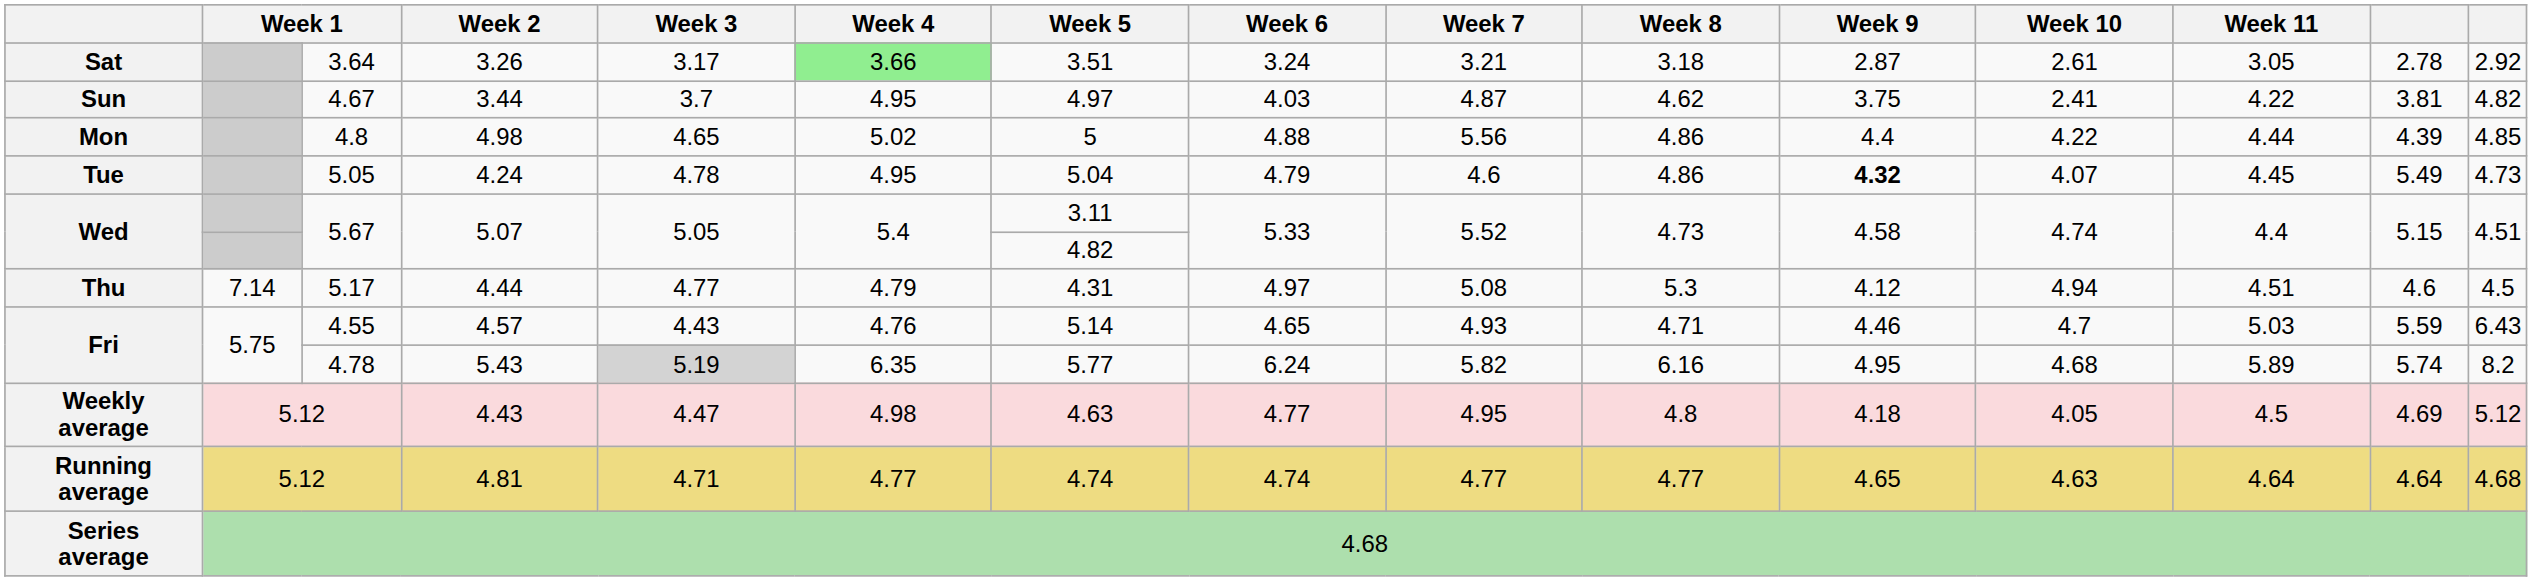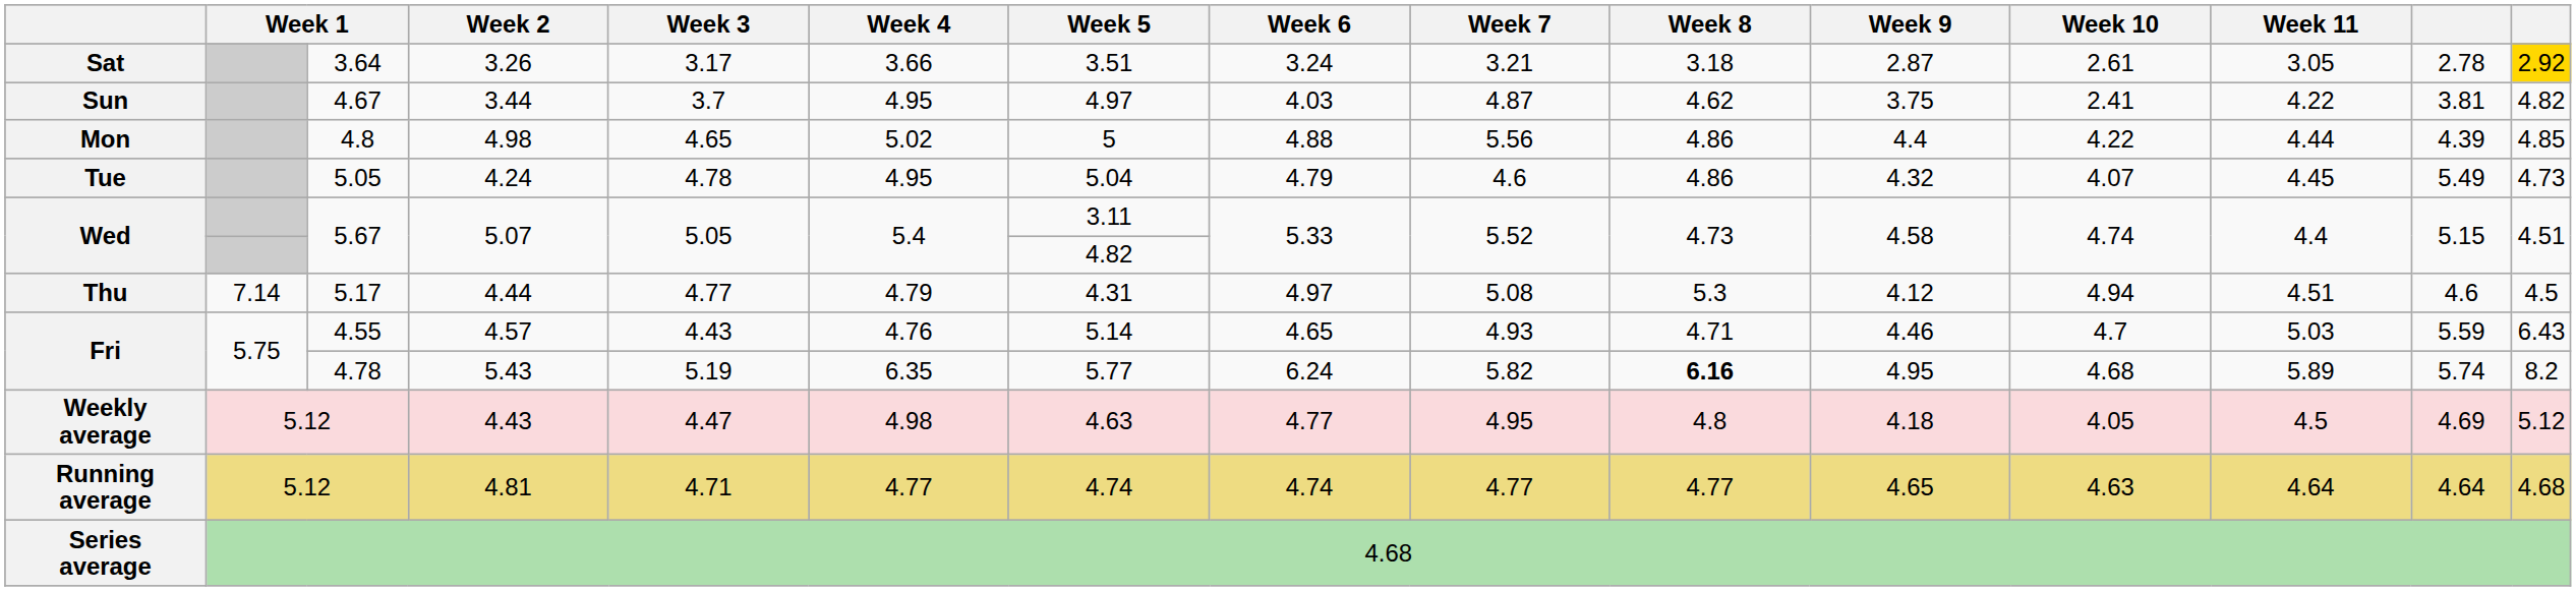 <table class="wikitable" style="font-size:90%; text-align:center; width: 96%; margin-left: auto; margin-right: auto;">
 <tr>
 <th scope="col" style="width:8%"></th>
 <th scope="colgroup" style="width:8%" colspan=2>Week 1</th>
 <th scope="col" style="width:8%">Week 2</th>
 <th scope="col" style="width:8%">Week 3</th>
 <th scope="col" style="width:8%">Week 4</th>
 <th scope="col" style="width:8%">Week 5</th>
 <th scope="col" style="width:8%">Week 6</th>
 <th scope="col" style="width:8%">Week 7</th>
 <th scope="col" style="width:8%">Week 8</th>
 <th scope="col" style="width:8%">Week 9</th>
 <th scope="col" style="width:8%">Week 10</th>
 <th scope="col" style="width:8%">Week 11</th>
 <th scope="col" style="width:8%"></th>
 <th scope="col" style="width:8%"></th>
 </tr>
 <tr>
 <th scope="row">Sat</th>
 <td style="background:#CCCCCC; text-align:center"></td>
 <td>3.64</td>
 <td>3.26</td>
 <td>3.17</td>
-<td style="background: lightgreen;">3.66</td>
+<td>3.66</td>
 <td>3.51</td>
 <td>3.24</td>
 <td>3.21</td>
 <td>3.18</td>
 <td>2.87</td>
 <td>2.61</td>
 <td>3.05</td>
 <td>2.78</td>
-<td>2.92</td>
+<td style="background: gold;">2.92</td>
 </tr>
 <tr>
 <th scope="row">Sun</th>
 <td style="background:#CCCCCC; text-align:center"></td>
 <td>4.67</td>
 <td>3.44</td>
 <td>3.7</td>
 <td>4.95</td>
 <td>4.97</td>
 <td>4.03</td>
 <td>4.87</td>
 <td>4.62</td>
 <td>3.75</td>
 <td>2.41</td>
 <td>4.22</td>
 <td>3.81</td>
 <td>4.82</td>
 </tr>
 <tr>
 <th scope="row">Mon</th>
 <td style="background:#CCCCCC; text-align:center"></td>
 <td>4.8</td>
 <td>4.98</td>
 <td>4.65</td>
 <td>5.02</td>
 <td>5</td>
 <td>4.88</td>
 <td>5.56</td>
 <td>4.86</td>
 <td>4.4</td>
 <td>4.22</td>
 <td>4.44</td>
 <td>4.39</td>
 <td>4.85</td>
 </tr>
 <tr>
 <th scope="row">Tue</th>
 <td style="background:#CCCCCC; text-align:center"></td>
 <td>5.05</td>
 <td>4.24</td>
 <td>4.78</td>
 <td>4.95</td>
 <td>5.04</td>
 <td>4.79</td>
 <td>4.6</td>
 <td>4.86</td>
-<td><strong>4.32</strong></td>
+<td>4.32</td>
 <td>4.07</td>
 <td>4.45</td>
 <td>5.49</td>
 <td>4.73</td>
 </tr>
 <tr>
 <th scope="rowgroup" rowspan=2>Wed</th>
 <td style="background:#CCCCCC; text-align:center"></td>
 <td rowspan=2>5.67</td>
 <td rowspan=2>5.07</td>
 <td rowspan=2>5.05</td>
 <td rowspan=2>5.4</td>
 <td>3.11</td>
 <td rowspan=2>5.33</td>
 <td rowspan=2>5.52</td>
 <td rowspan=2>4.73</td>
 <td rowspan=2>4.58</td>
 <td rowspan=2>4.74</td>
 <td rowspan=2>4.4</td>
 <td rowspan=2>5.15</td>
 <td rowspan=2>4.51</td>
 </tr>
 <tr>
 <td style="background:#CCCCCC; text-align:center"></td>
 <td>4.82</td>
 </tr>
 <tr>
 <th scope="row">Thu</th>
 <td>7.14</td>
 <td>5.17</td>
 <td>4.44</td>
 <td>4.77</td>
 <td>4.79</td>
 <td>4.31</td>
 <td>4.97</td>
 <td>5.08</td>
 <td>5.3</td>
 <td>4.12</td>
 <td>4.94</td>
 <td>4.51</td>
 <td>4.6</td>
 <td>4.5</td>
 </tr>
 <tr>
 <th scope="rowgroup" rowspan=2>Fri</th>
 <td rowspan=2>5.75</td>
 <td>4.55</td>
 <td>4.57</td>
 <td>4.43</td>
 <td>4.76</td>
 <td>5.14</td>
 <td>4.65</td>
 <td>4.93</td>
 <td>4.71</td>
 <td>4.46</td>
 <td>4.7</td>
 <td>5.03</td>
 <td>5.59</td>
 <td>6.43</td>
 </tr>
 <tr>
 <td>4.78</td>
 <td>5.43</td>
-<td style="background: lightgrey;">5.19</td>
+<td>5.19</td>
 <td>6.35</td>
 <td>5.77</td>
 <td>6.24</td>
 <td>5.82</td>
-<td>6.16</td>
+<td><strong>6.16</strong></td>
 <td>4.95</td>
 <td>4.68</td>
 <td>5.89</td>
 <td>5.74</td>
 <td>8.2</td>
 </tr>
 <tr>
 <th scope="row">Weekly<br>average</th>
 <td colspan=2 style="background:#FADADD;">5.12</td>
 <td style="background:#FADADD;">4.43</td>
 <td style="background:#FADADD;">4.47</td>
 <td style="background:#FADADD;">4.98</td>
 <td style="background:#FADADD;">4.63</td>
 <td style="background:#FADADD;">4.77</td>
 <td style="background:#FADADD;">4.95</td>
 <td style="background:#FADADD;">4.8</td>
 <td style="background:#FADADD;">4.18</td>
 <td style="background:#FADADD;">4.05</td>
 <td style="background:#FADADD;">4.5</td>
 <td style="background:#FADADD;">4.69</td>
 <td style="background:#FADADD;">5.12</td>
 </tr>
 <tr>
 <th scope="row">Running<br>average</th>
 <td colspan=2 style="background:#EEDC82;">5.12</td>
 <td style="background:#EEDC82;">4.81</td>
 <td style="background:#EEDC82;">4.71</td>
 <td style="background:#EEDC82;">4.77</td>
 <td style="background:#EEDC82;">4.74</td>
 <td style="background:#EEDC82;">4.74</td>
 <td style="background:#EEDC82;">4.77</td>
 <td style="background:#EEDC82;">4.77</td>
 <td style="background:#EEDC82;">4.65</td>
 <td style="background:#EEDC82;">4.63</td>
 <td style="background:#EEDC82;">4.64</td>
 <td style="background:#EEDC82;">4.64</td>
 <td style="background:#EEDC82;">4.68</td>
 </tr>
 <tr>
 <th scope="row">Series<br>average</th>
 <td colspan="14" style="background:#ADDFAD;">4.68</td>
 </tr>
 </table>
